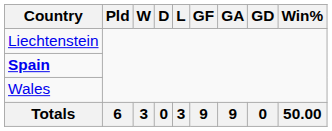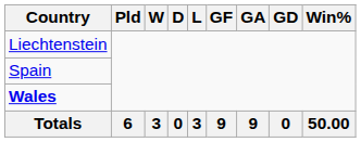 <table class="wikitable sortable" style="text-align:center">
 <tr>
 <th>Country</th>
 <th>Pld</th>
 <th>W</th>
 <th>D</th>
 <th>L</th>
 <th>GF</th>
 <th>GA</th>
 <th>GD</th>
 <th>Win%</th>
 </tr>
 <tr>
 <td align=left> <a href='#'>Liechtenstein</a><br></td>
 </tr>
 <tr>
-<td align=left><strong> <a href='#'>Spain</a><br></strong></td>
+<td align=left> <a href='#'>Spain</a><br></td>
 </tr>
 <tr>
-<td align=left> <a href='#'>Wales</a><br></td>
+<td align=left><strong> <a href='#'>Wales</a><br></strong></td>
 </tr>
 <tr class="sortbottom">
 <th>Totals</th>
 <th><strong>6</strong></th>
 <th><strong>3</strong></th>
 <th><strong>0</strong></th>
 <th><strong>3</strong></th>
 <th><strong>9</strong></th>
 <th><strong>9</strong></th>
 <th><strong>0</strong></th>
 <th><strong>50.00</strong></th>
 </tr>
 </table>
